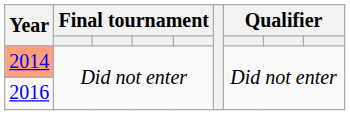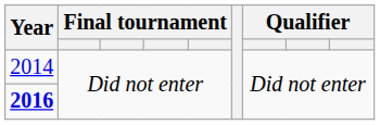 <table class="wikitable" style="text-align: center; font-size=85%">
 <tr>
 <th rowspan=2>Year</th>
 <th colspan=4>Final tournament</th>
 <th rowspan=4></th>
 <th colspan=3>Qualifier</th>
 </tr>
 <tr>
 <th></th>
 <th width=25px></th>
 <th width=25px></th>
 <th width=25px></th>
 <th width=25px></th>
 <th width=25px></th>
 <th width=25px></th>
 </tr>
 <tr>
-<td style="background: lightsalmon;"> <a href='#'>2014</a></td>
+<td> <a href='#'>2014</a></td>
 <td colspan=4 rowspan=2><em>Did not enter</em></td>
 <td colspan=3 rowspan=2><em>Did not enter</em></td>
 </tr>
 <tr>
-<td> <a href='#'>2016</a></td>
+<td><strong> <a href='#'>2016</a></strong></td>
 </tr>
 </table>
